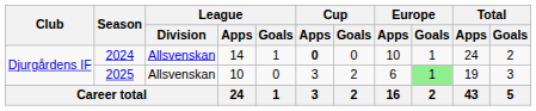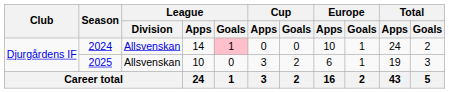 <table class="wikitable" style="text-align:center">
 <tr>
 <th rowspan="2">Club</th>
 <th rowspan="2">Season</th>
 <th colspan="3">League</th>
 <th colspan="2">Cup</th>
 <th colspan="2">Europe</th>
 <th colspan="2">Total</th>
 </tr>
 <tr>
 <th>Division</th>
 <th>Apps</th>
 <th>Goals</th>
 <th>Apps</th>
 <th>Goals</th>
 <th>Apps</th>
 <th>Goals</th>
 <th>Apps</th>
 <th>Goals</th>
 </tr>
 <tr>
 <td rowspan="2"><a href='#'>Djurgårdens IF</a></td>
 <td><a href='#'>2024</a></td>
 <td><a href='#'>Allsvenskan</a></td>
 <td>14</td>
-<td>1</td>
-<td><strong>0</strong></td>
+<td style="background: pink;">1</td>
+<td>0</td>
 <td>0</td>
 <td>10</td>
 <td>1</td>
 <td>24</td>
 <td>2</td>
 </tr>
 <tr>
 <td><a href='#'>2025</a></td>
 <td>Allsvenskan</td>
 <td>10</td>
 <td>0</td>
 <td>3</td>
 <td>2</td>
 <td>6</td>
-<td style="background: lightgreen;">1</td>
+<td>1</td>
 <td>19</td>
 <td>3</td>
 </tr>
 <tr>
 <th colspan="3">Career total</th>
 <th>24</th>
 <th>1</th>
 <th>3</th>
 <th>2</th>
 <th>16</th>
 <th>2</th>
 <th>43</th>
 <th>5</th>
 </tr>
 </table>
